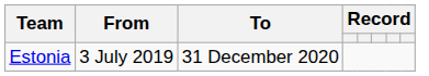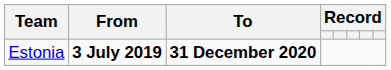 <table class=wikitable style=text-align:center>
 <tr>
 <th rowspan=2>Team</th>
 <th rowspan=2>From</th>
 <th rowspan=2>To</th>
 <th colspan=5>Record</th>
 </tr>
 <tr>
 <th></th>
 <th></th>
 <th></th>
 <th></th>
 <th></th>
 </tr>
 <tr>
 <td align=left><a href='#'>Estonia</a></td>
-<td align=left>3 July 2019</td>
-<td align=left>31 December 2020<br></td>
+<td align=left><strong>3 July 2019</strong></td>
+<td align=left><strong>31 December 2020<br></strong></td>
 </tr>
 </table>
